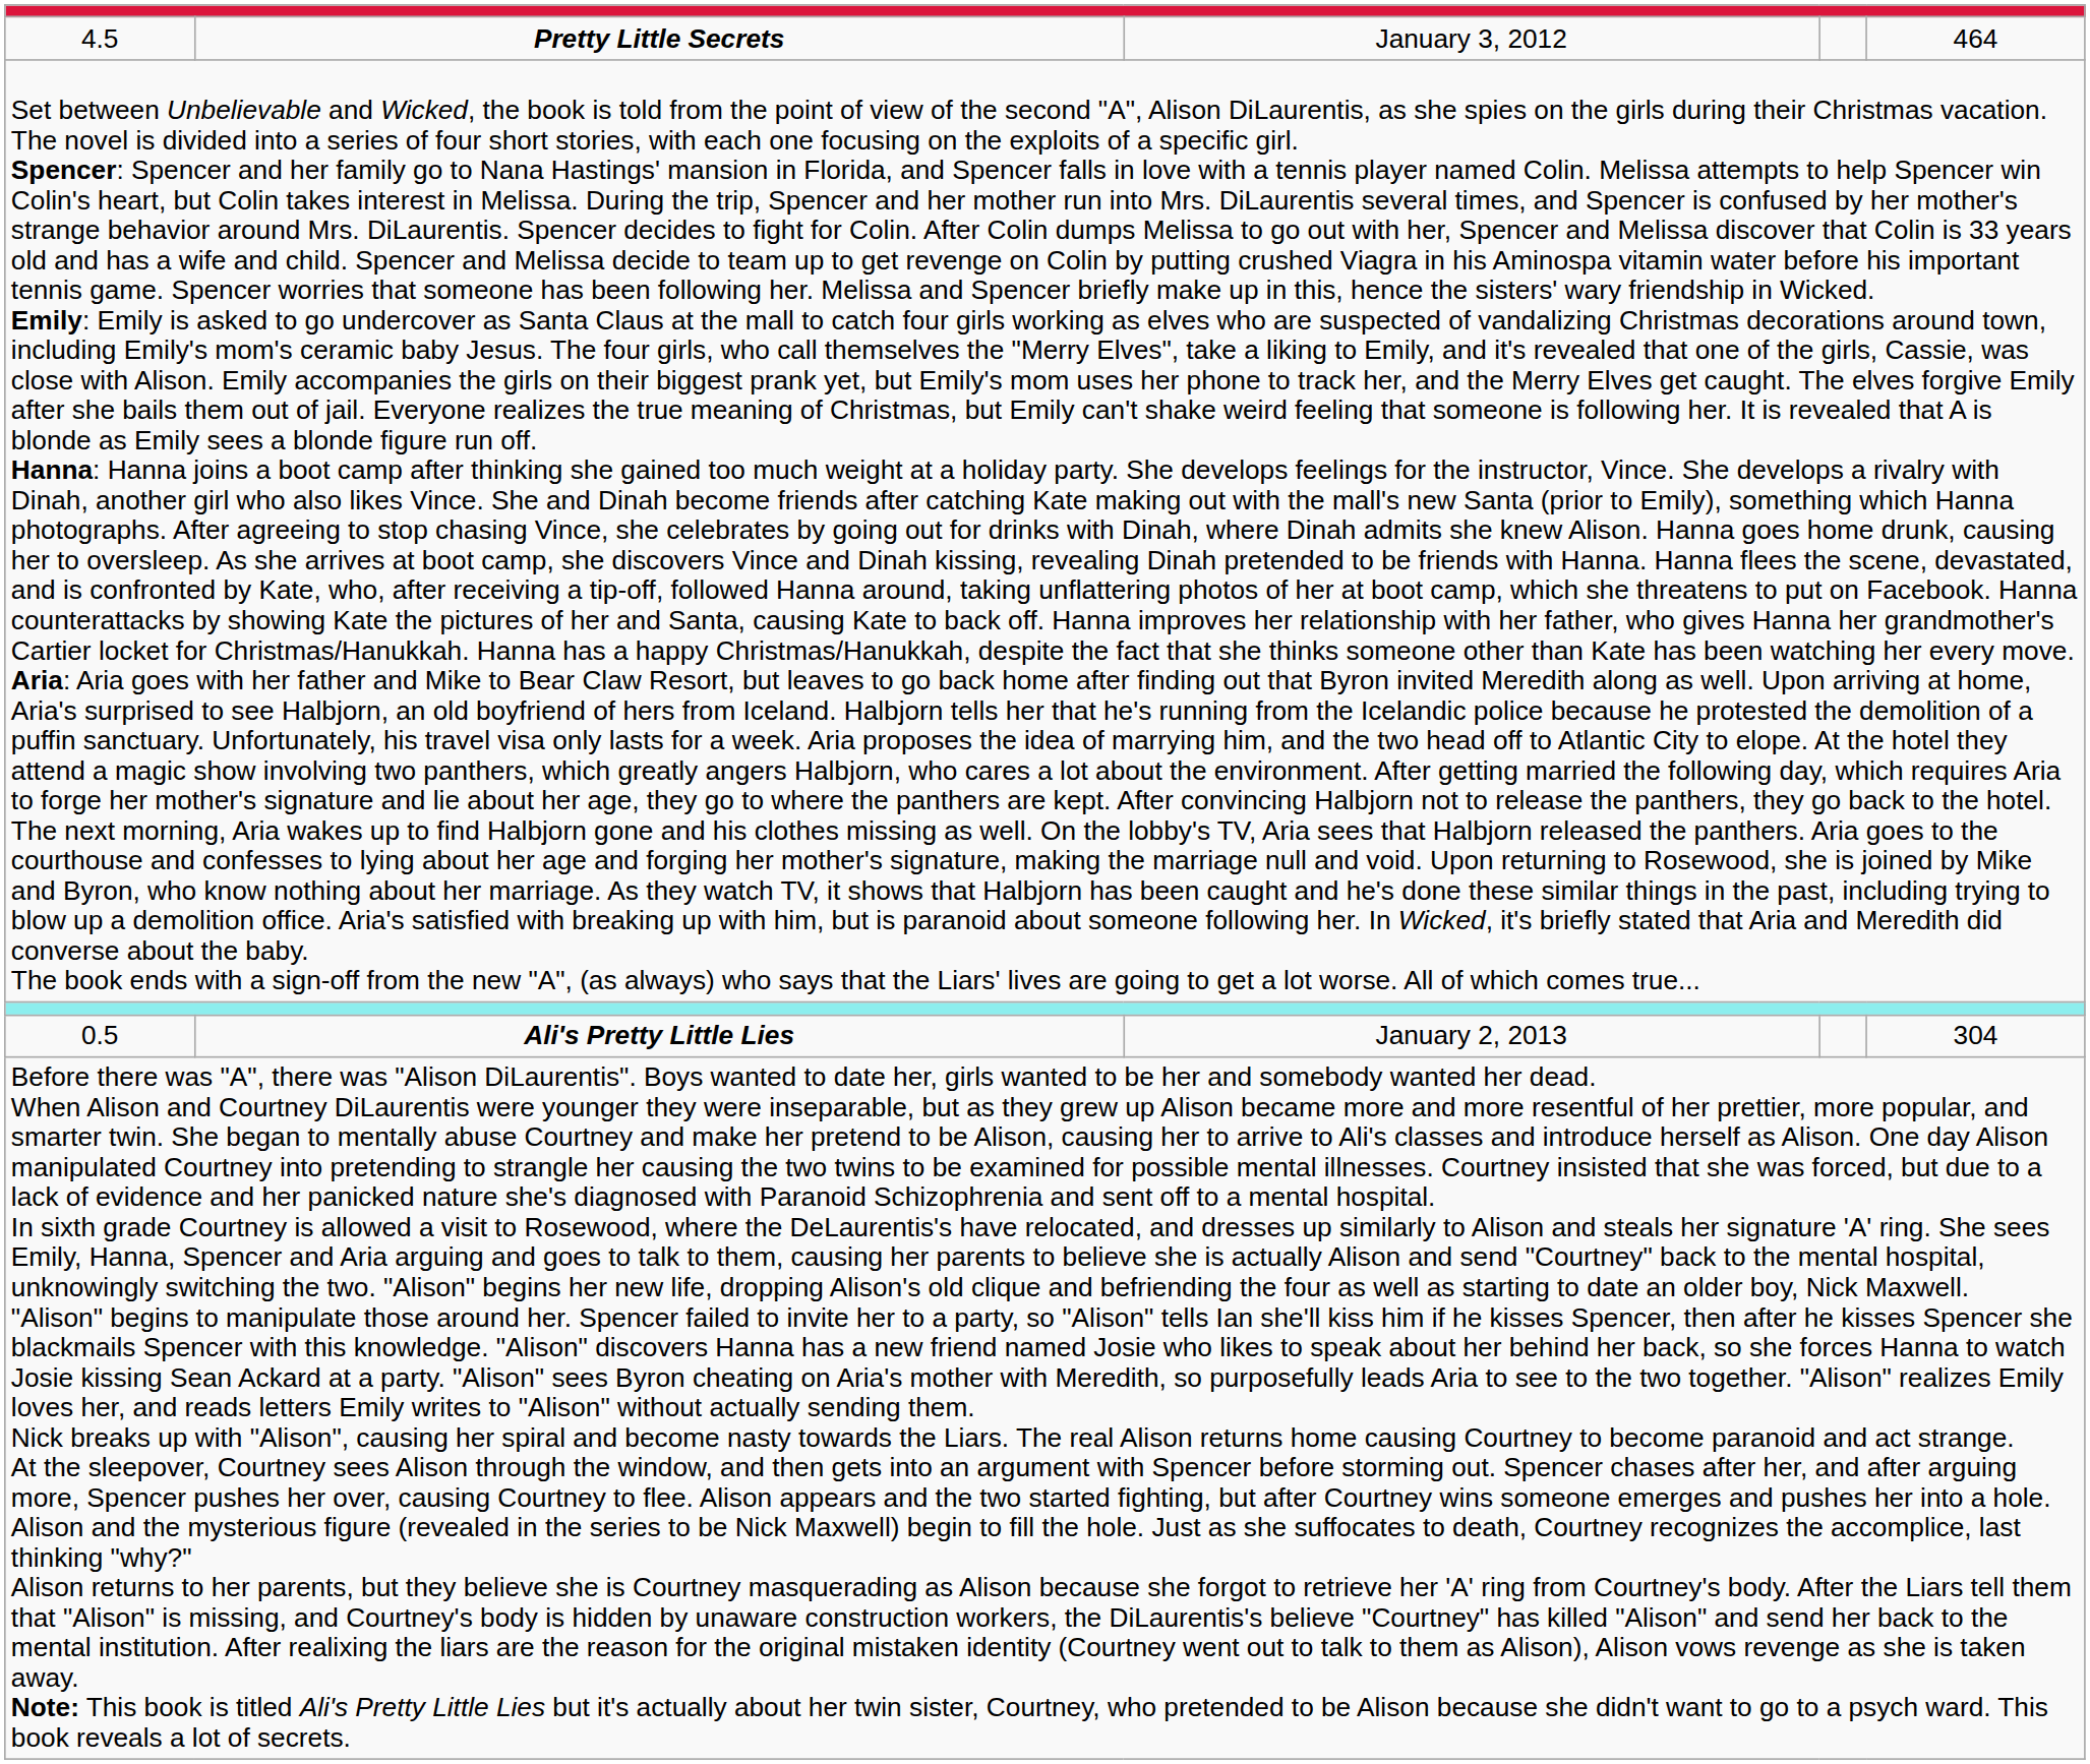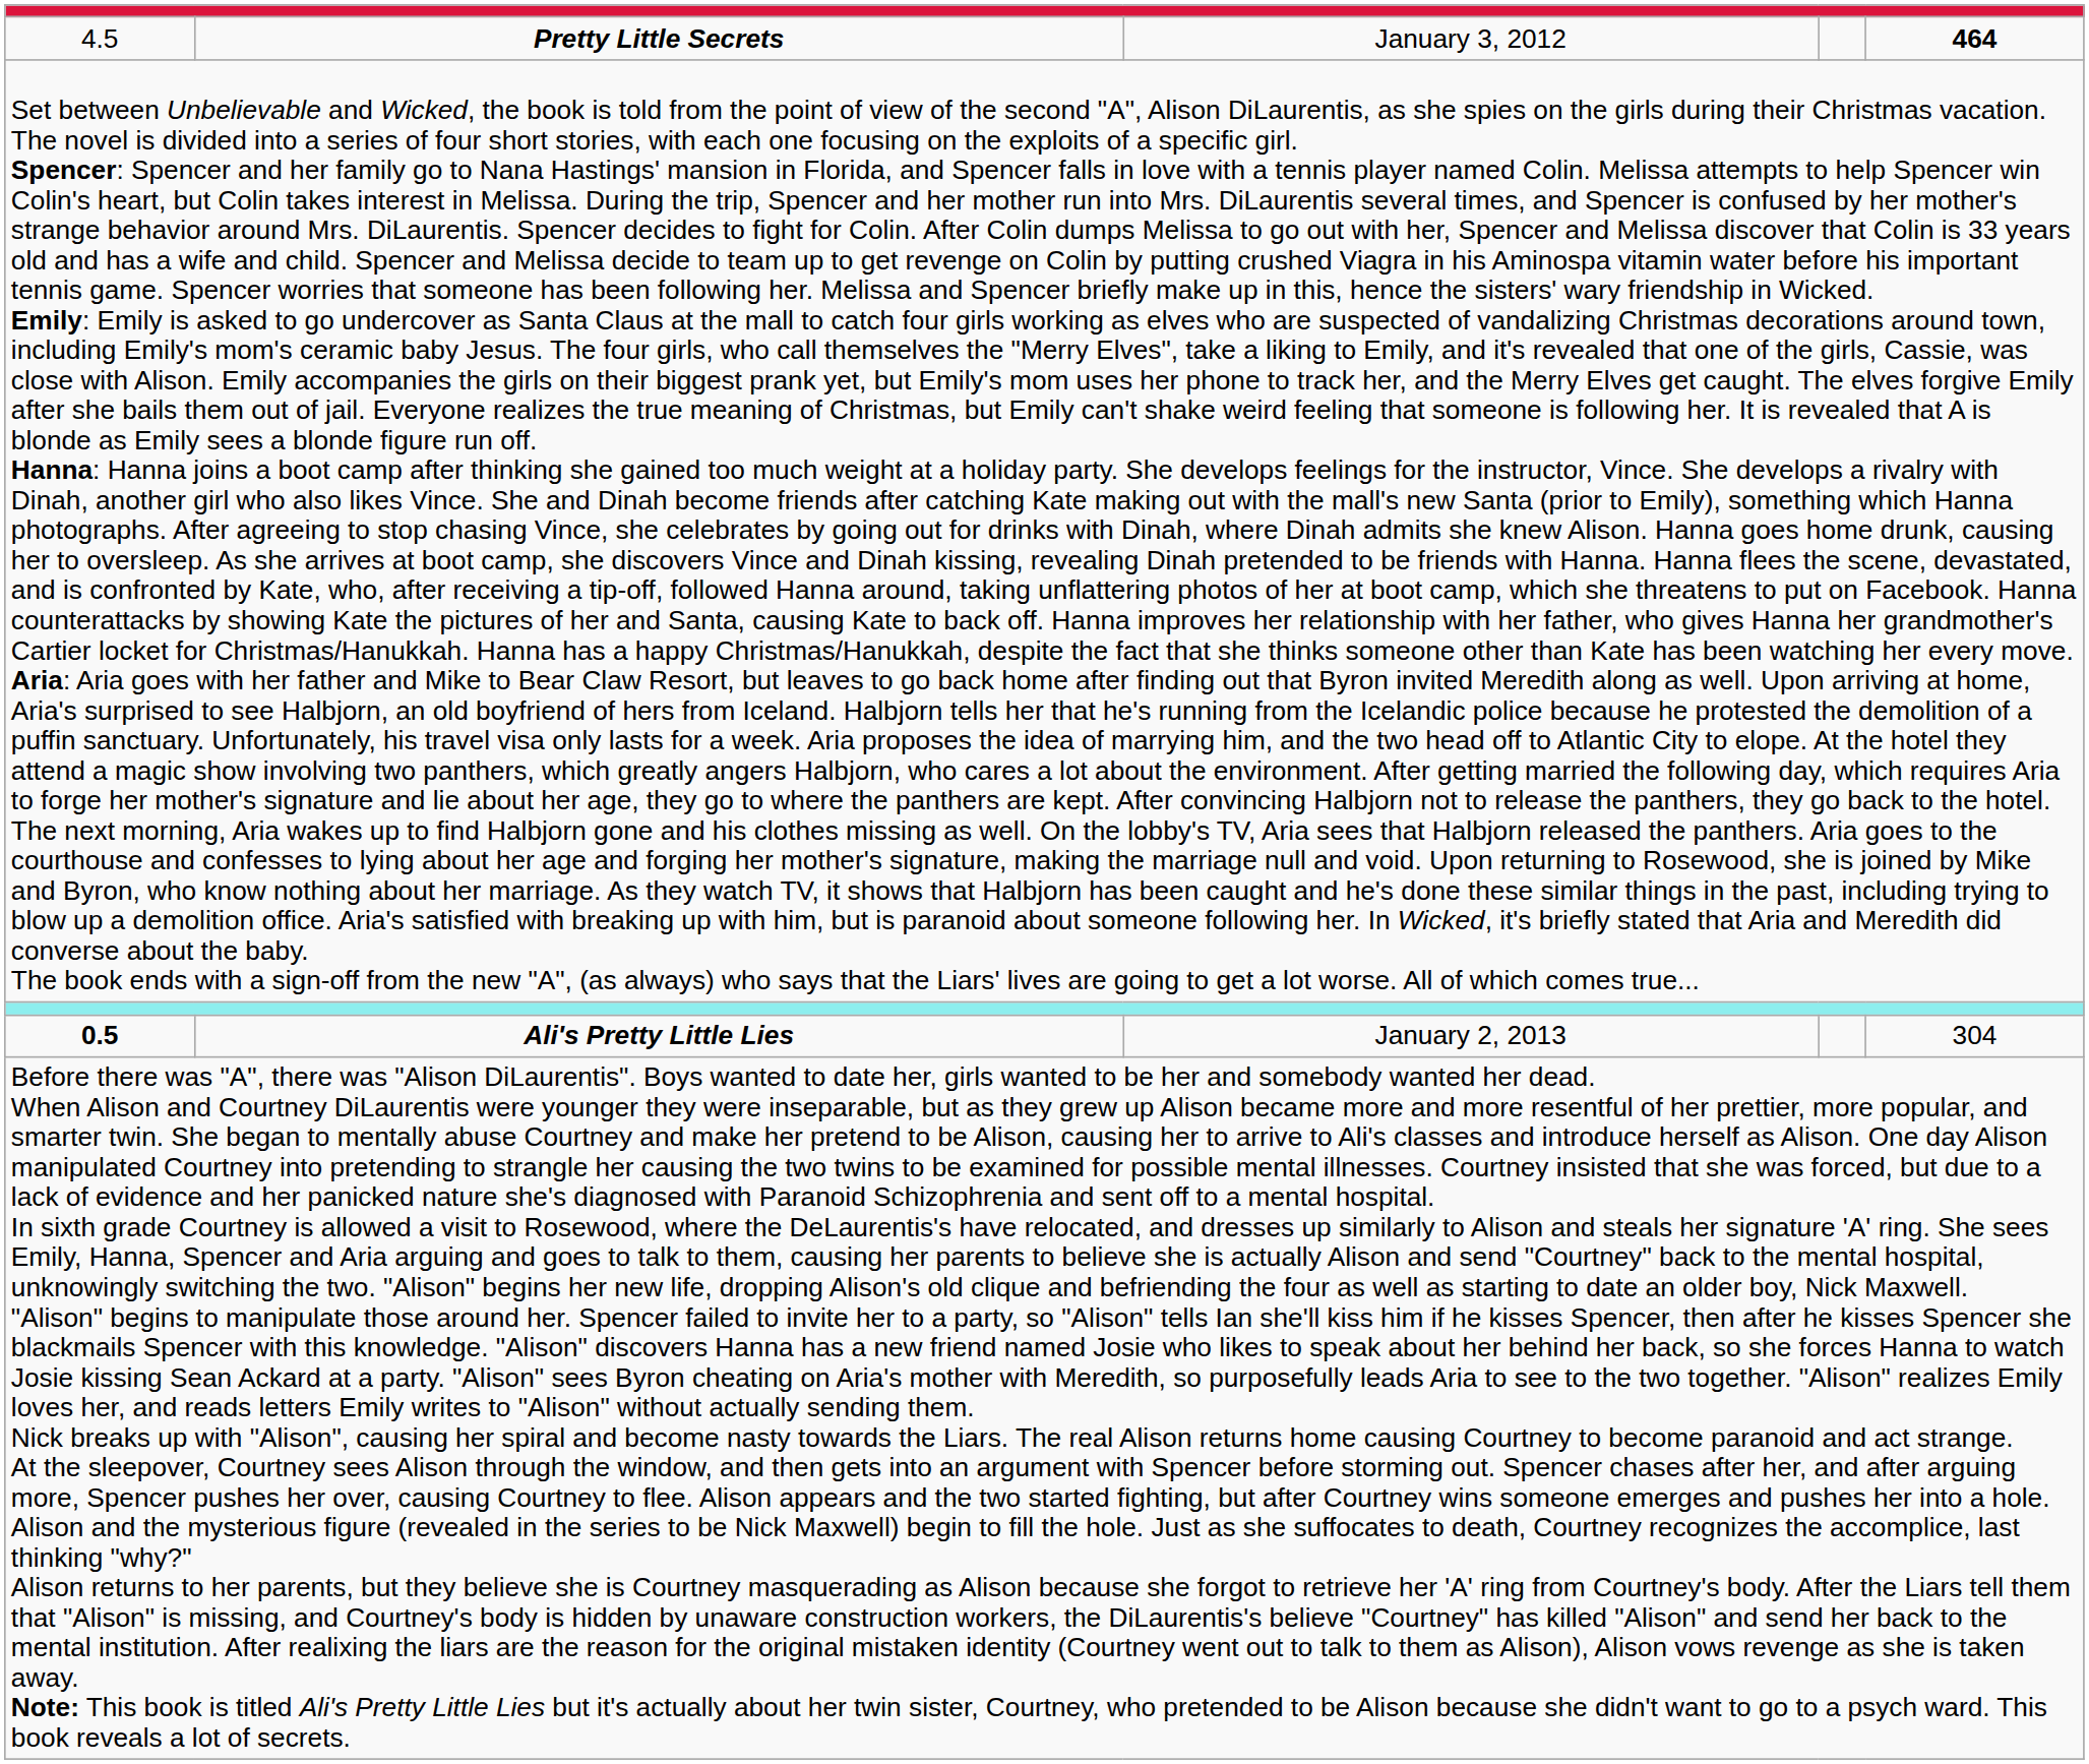 <table class="wikitable">
 <tr>
 <td colspan="6" bgcolor="#DC143C"></td>
 </tr>
 <tr>
 <td align="center">4.5</td>
 <td align="center"><strong><em>Pretty Little Secrets</em></strong></td>
 <td align="center">January 3, 2012</td>
 <td align="center"></td>
-<td align="center">464</td>
+<td align="center"><strong>464</strong></td>
 </tr>
 <tr>
 <td colspan="6"><br>Set between <em>Unbelievable</em> and <em>Wicked</em>, the book is told from the point of view of the second "A", Alison DiLaurentis, as she spies on the girls during their Christmas vacation. The novel is divided into a series of four short stories, with each one focusing on the exploits of a specific girl.<br><strong>Spencer</strong>: Spencer and her family go to Nana Hastings' mansion in Florida, and Spencer falls in love with a tennis player named Colin. Melissa attempts to help Spencer win Colin's heart, but Colin takes interest in Melissa. During the trip, Spencer and her mother  run into Mrs. DiLaurentis several times, and Spencer is confused by her mother's strange behavior around Mrs. DiLaurentis. Spencer  decides to fight for Colin. After Colin dumps Melissa to go out with her, Spencer and Melissa discover that Colin is  33 years old and  has a wife and child. Spencer and Melissa decide to team up to get revenge on Colin by putting crushed Viagra in his Aminospa vitamin water before his important tennis game. Spencer worries that someone has been following her. Melissa and Spencer briefly make up in this, hence the sisters' wary friendship in Wicked.<br><strong>Emily</strong>: Emily is asked to go undercover as Santa Claus at the mall  to catch four girls working as elves who are suspected of vandalizing Christmas decorations around town, including Emily's mom's ceramic baby Jesus. The four girls, who call themselves the "Merry Elves", take a liking to Emily, and it's revealed that one of the girls, Cassie, was close with Alison. Emily accompanies the girls on their biggest prank yet, but Emily's mom uses her phone to track her, and the Merry Elves get caught. The elves forgive Emily after she bails them out of jail. Everyone realizes the true meaning of Christmas, but Emily can't shake weird feeling that someone is following her. It is revealed that A is blonde as Emily sees a blonde figure run off.<br><strong>Hanna</strong>: Hanna joins a boot camp after thinking she gained too much weight at a holiday party. She develops feelings for the instructor, Vince. She develops a rivalry with Dinah, another girl who also likes Vince. She and Dinah become friends after catching Kate making out with the mall's new Santa (prior to Emily), something which Hanna  photographs. After agreeing to stop chasing Vince, she celebrates by going out for drinks with Dinah, where Dinah admits she knew Alison. Hanna goes home drunk, causing her to oversleep. As she arrives at boot camp, she discovers Vince and Dinah kissing, revealing  Dinah pretended to be friends with Hanna. Hanna flees the scene, devastated, and is confronted by Kate, who, after receiving a tip-off, followed Hanna around, taking unflattering photos of her at boot camp, which she threatens to put on Facebook. Hanna counterattacks by showing Kate the pictures of her and Santa, causing Kate to back off. Hanna improves her relationship with her father, who gives Hanna her grandmother's Cartier locket for Christmas/Hanukkah. Hanna has a happy Christmas/Hanukkah, despite the fact that she thinks someone other than Kate has been watching her every move.<br><strong>Aria</strong>: Aria goes with her father and Mike to Bear Claw Resort, but leaves to go back home after finding out that Byron invited Meredith along as well. Upon arriving at home, Aria's surprised to see Halbjorn, an old boyfriend of hers from Iceland. Halbjorn tells her that he's running from the Icelandic police because he protested the demolition of a puffin sanctuary. Unfortunately, his travel visa only lasts for a week. Aria proposes the idea of marrying him, and the two head off to Atlantic City to elope. At the hotel they attend a magic show involving two panthers, which greatly angers Halbjorn, who cares a lot about the environment. After getting married the following day, which requires Aria to forge her mother's signature and lie about her age, they go to where the panthers are kept. After convincing Halbjorn not to release the panthers, they go back to the hotel. The next morning, Aria wakes up to find Halbjorn gone and his clothes missing as well. On the lobby's TV, Aria sees that Halbjorn released the panthers. Aria goes to the courthouse and confesses to lying about her age and forging her mother's signature, making the marriage null and void. Upon returning to Rosewood, she is joined by Mike and Byron, who know nothing about her marriage. As they watch TV, it shows that Halbjorn has been caught and he's done these similar things in the past, including trying to blow up a demolition office. Aria's satisfied with breaking up with him, but is paranoid about someone following her. In <em>Wicked</em>, it's briefly stated that Aria and Meredith did converse about the baby.<br>The book ends with a sign-off from the new "A", (as always) who says that the Liars' lives are going to get a lot worse. All of which comes true...</td>
 </tr>
 <tr>
 <td colspan="6" bgcolor="8DEEEE"></td>
 </tr>
 <tr>
-<td align="center">0.5</td>
+<td align="center"><strong>0.5</strong></td>
 <td align="center"><strong><em>Ali's Pretty Little Lies</em></strong></td>
 <td align="center">January 2, 2013</td>
 <td align="center"></td>
 <td align="center">304</td>
 </tr>
 <tr>
 <td colspan="6">Before there was "A", there was "Alison DiLaurentis". Boys wanted to date her, girls wanted to be her and somebody wanted her dead.<br>When Alison and Courtney DiLaurentis were younger they were inseparable, but as they grew up Alison became more and more resentful of her prettier, more popular, and smarter twin. She began to mentally abuse Courtney and make her pretend to be Alison, causing her to arrive to Ali's classes and introduce herself as Alison. One day Alison manipulated Courtney into pretending to strangle her causing the two twins to be examined for possible mental illnesses. Courtney insisted that she was forced, but due to a lack of evidence and her panicked nature she's diagnosed with Paranoid Schizophrenia and sent off to a mental hospital.<br>In sixth grade Courtney is allowed a visit to Rosewood, where the DeLaurentis's have relocated, and dresses up similarly to Alison and steals her signature 'A' ring. She sees Emily, Hanna, Spencer and Aria arguing and goes to talk to them, causing her parents to believe she is actually Alison and send "Courtney" back to the mental hospital, unknowingly switching the two. "Alison" begins her new life, dropping Alison's old clique and befriending the four as well as starting to date an older boy, Nick Maxwell.<br>"Alison" begins to manipulate those around her. Spencer failed to invite her to a party, so "Alison" tells Ian she'll kiss him if he kisses Spencer, then after he kisses Spencer she blackmails Spencer with this knowledge. "Alison" discovers Hanna has a new friend named Josie who likes to speak about her behind her back, so she forces Hanna to watch Josie kissing Sean Ackard at a party. "Alison" sees Byron cheating on Aria's mother with Meredith, so purposefully leads Aria to see to the two together. "Alison" realizes Emily loves her, and reads letters Emily writes to "Alison" without actually sending them.<br>Nick breaks up with "Alison", causing her spiral and become nasty towards the Liars. The real Alison returns home causing Courtney to become paranoid and act strange.<br>At the sleepover, Courtney sees Alison through the window, and then gets into an argument with Spencer before storming out. Spencer chases after her, and after arguing more, Spencer pushes her over, causing Courtney to flee. Alison appears and the two started fighting, but after Courtney wins someone emerges and pushes her into a hole. Alison and the mysterious figure (revealed in the series to be Nick Maxwell) begin to fill the hole. Just as she suffocates to death, Courtney recognizes the accomplice, last thinking "why?"<br>Alison returns to her parents, but they believe she is Courtney masquerading as Alison because she forgot to retrieve her 'A' ring from Courtney's body. After the Liars tell them that "Alison" is missing, and Courtney's body is hidden by unaware construction workers, the DiLaurentis's believe "Courtney" has killed "Alison" and send her back to the mental institution. After realixing the liars are the reason for the original mistaken identity (Courtney went out to talk to them as Alison), Alison vows revenge as she is taken away.<br><strong>Note:</strong> This book is titled <em>Ali's Pretty Little Lies</em> but it's actually about her twin sister, Courtney, who pretended to be Alison because she didn't want to go to a psych ward. This book reveals a lot of secrets.</td>
 </tr>
 </table>
